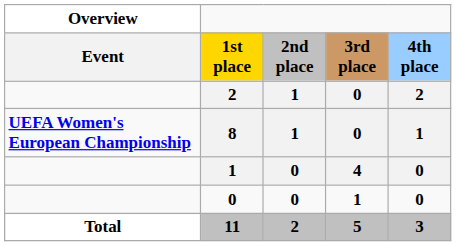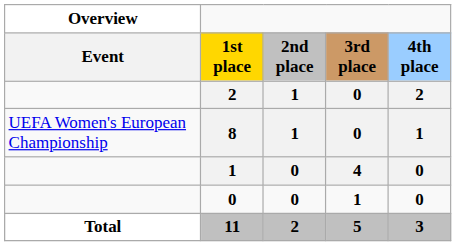 <table class="wikitable" style="width:30%; font-size:90%; text-align:center;">
 <tr>
 <th style="color:black; background:#FFFFFF; ">Overview</th>
 </tr>
 <tr>
 <th>Event</th>
 <th style="width:14%; background:gold;">1st place</th>
 <th style="width:14%; background:silver;">2nd place</th>
 <th style="width:14%; background:#c96;">3rd place</th>
 <th style="width:14%; background:#9acdff;">4th place</th>
 </tr>
 <tr>
 <td align="left"></td>
 <th>2</th>
 <th>1</th>
 <th>0</th>
 <th>2</th>
 </tr>
 <tr>
-<td align="left"><strong><a href='#'>UEFA Women's European Championship</a></strong></td>
+<td align="left"><a href='#'>UEFA Women's European Championship</a></td>
 <th>8</th>
 <th>1</th>
 <th>0</th>
 <th>1</th>
 </tr>
 <tr>
 <td align="left"></td>
 <th>1</th>
 <th>0</th>
 <th>4</th>
 <th>0</th>
 </tr>
 <tr>
 <td align="left"></td>
 <td><strong>0</strong></td>
 <td><strong>0</strong></td>
 <td><strong>1</strong></td>
 <td><strong>0</strong></td>
 </tr>
 <tr style="background:silver">
 <th style="color:black; background:#FFFFFF; ">Total</th>
 <td><strong>11</strong></td>
 <td><strong>2</strong></td>
 <td><strong>5</strong></td>
 <td><strong>3</strong></td>
 </tr>
 </table>
